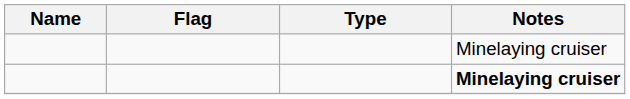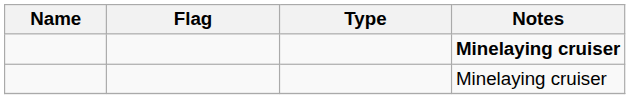 <table class="wikitable sortable">
 <tr>
 <th scope="col" width="80px">Name</th>
 <th scope="col" width="140px">Flag</th>
 <th scope="col" width="140px">Type</th>
 <th>Notes</th>
 </tr>
 <tr>
 <td align="left"></td>
 <td align="left"></td>
 <td align="left"></td>
-<td align="left">Minelaying cruiser</td>
+<td align="left"><strong>Minelaying cruiser</strong></td>
 </tr>
 <tr>
 <td align="left"></td>
 <td align="left"></td>
 <td align="left"></td>
-<td align="left"><strong>Minelaying cruiser</strong></td>
+<td align="left">Minelaying cruiser</td>
 </tr>
 <tr>
 </tr>
 </table>
